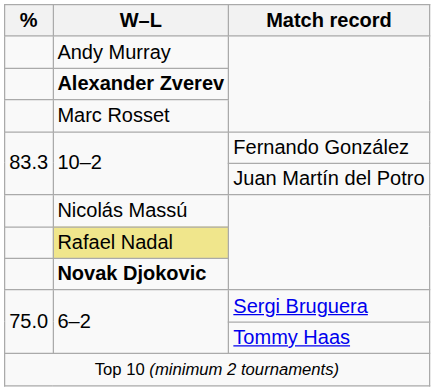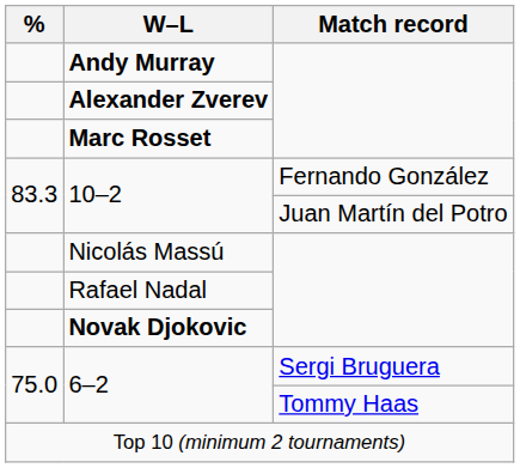 <table class="wikitable" style="display:inline-table;">
 <tr>
 <th>%</th>
 <th>W–L</th>
 <th>Match record</th>
 </tr>
 <tr>
 <td></td>
-<td> Andy Murray</td>
+<td><strong> Andy Murray</strong></td>
 </tr>
 <tr>
 <td></td>
 <td> <strong>Alexander Zverev</strong></td>
 </tr>
 <tr>
 <td></td>
-<td> Marc Rosset</td>
+<td><strong> Marc Rosset</strong></td>
 </tr>
 <tr>
 <td rowspan="2">83.3</td>
 <td rowspan="2">10–2</td>
 <td> Fernando González</td>
 </tr>
 <tr>
 <td> Juan Martín del Potro</td>
 </tr>
 <tr>
 <td></td>
 <td> Nicolás Massú</td>
 </tr>
 <tr>
 <td></td>
-<td style="background: khaki;"> Rafael Nadal</td>
+<td> Rafael Nadal</td>
 </tr>
 <tr>
 <td></td>
 <td> <strong>Novak Djokovic</strong></td>
 </tr>
 <tr>
 <td rowspan="2">75.0</td>
 <td rowspan="2">6–2</td>
 <td> <a href='#'>Sergi Bruguera</a></td>
 </tr>
 <tr>
 <td> <a href='#'>Tommy Haas</a><br></td>
 </tr>
 <tr>
 <td colspan="3" style="text-align: center;"><small>Top 10 <em>(minimum 2 tournaments)</em></small></td>
 </tr>
 </table>
